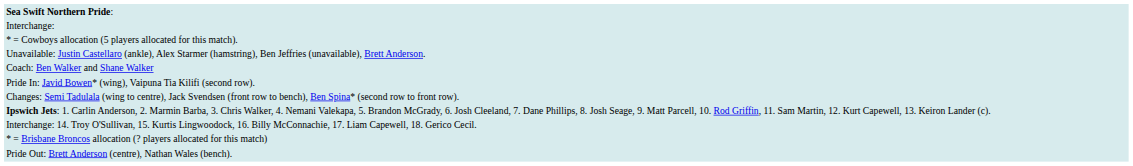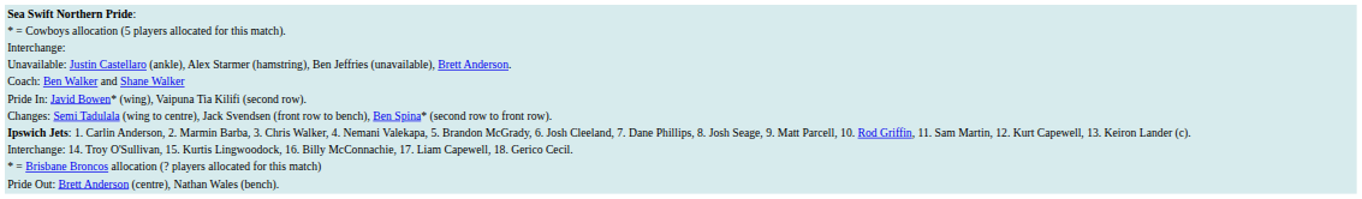 <table style="background:#d7ebed; font-size:85%; width:100%;">
 <tr>
 <td><strong>Sea Swift Northern Pride</strong>:             </td>
 </tr>
 <tr>
-<td>Interchange:    </td>
+<td>* = Cowboys allocation (5 players allocated for this match).</td>
 </tr>
 <tr>
-<td>* = Cowboys allocation (5 players allocated for this match).</td>
+<td>Interchange:    </td>
 </tr>
 <tr>
 <td>Unavailable: <a href='#'>Justin Castellaro</a> (ankle), Alex Starmer (hamstring), Ben Jeffries (unavailable), <a href='#'>Brett Anderson</a>.</td>
 </tr>
 <tr>
 <td>Coach: <a href='#'>Ben Walker</a> and <a href='#'>Shane Walker</a></td>
 </tr>
 <tr>
 <td>Pride In: <a href='#'>Javid Bowen</a>* (wing), Vaipuna Tia Kilifi (second row).</td>
 </tr>
 <tr>
 <td>Changes: <a href='#'>Semi Tadulala</a> (wing to centre), Jack Svendsen (front row to bench), <a href='#'>Ben Spina</a>* (second row to front row).</td>
 </tr>
 <tr>
 <td><strong>Ipswich Jets</strong>:  1. Carlin Anderson, 2. Marmin Barba, 3. Chris Walker, 4. Nemani Valekapa, 5. Brandon McGrady, 6. Josh Cleeland, 7. Dane Phillips, 8. Josh Seage, 9. Matt Parcell, 10. <a href='#'>Rod Griffin</a>, 11. Sam Martin, 12. Kurt Capewell, 13. Keiron Lander (c).</td>
 </tr>
 <tr>
 <td>Interchange: 14. Troy O'Sullivan, 15. Kurtis Lingwoodock, 16. Billy McConnachie, 17. Liam Capewell, 18. Gerico Cecil.</td>
 </tr>
 <tr>
 <td>* = <a href='#'>Brisbane Broncos</a> allocation (? players allocated for this match)</td>
 </tr>
 <tr>
 <td>Pride Out: <a href='#'>Brett Anderson</a> (centre), Nathan Wales (bench).</td>
 </tr>
 </table>
